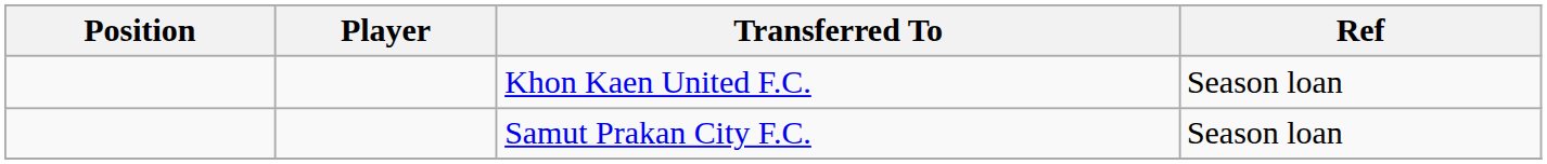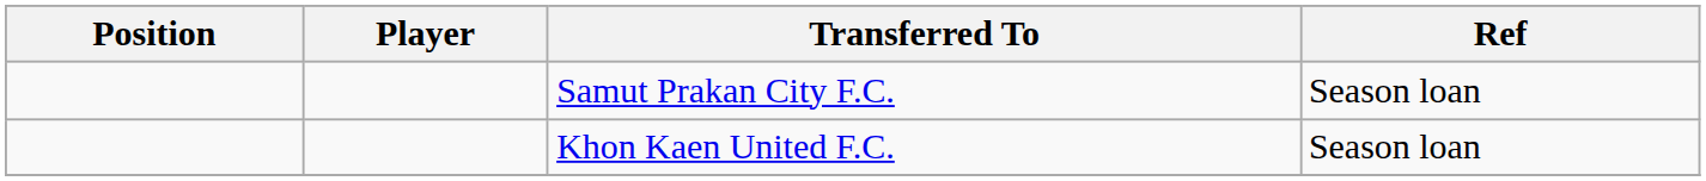 <table class="wikitable sortable" style="width:60%; text-align:center; font-size:100%; text-align:left;">
 <tr>
 <th>Position</th>
 <th>Player</th>
 <th>Transferred To</th>
 <th>Ref</th>
 </tr>
 <tr>
 <td></td>
 <td></td>
-<td> <a href='#'>Khon Kaen United F.C.</a></td>
+<td> <a href='#'>Samut Prakan City F.C.</a></td>
 <td>Season loan</td>
 </tr>
 <tr>
 <td></td>
 <td></td>
-<td> <a href='#'>Samut Prakan City F.C.</a></td>
+<td> <a href='#'>Khon Kaen United F.C.</a></td>
 <td>Season loan</td>
 </tr>
 <tr>
 </tr>
 </table>
